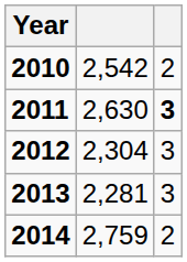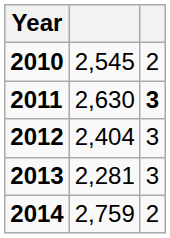 <table class="wikitable sortable" style="font-size: %">
 <tr>
 <th width=px>Year</th>
 <th width=px></th>
 <th width=px></th>
 </tr>
 <tr>
 <td><strong>2010</strong></td>
-<td>2,542</td>
+<td>2,545</td>
 <td align=center>2</td>
 </tr>
 <tr>
 <td><strong>2011</strong></td>
 <td>2,630</td>
 <td align=center><strong>3</strong></td>
 </tr>
 <tr>
 <td><strong>2012</strong></td>
-<td>2,304</td>
+<td>2,404</td>
 <td align=center>3</td>
 </tr>
 <tr>
 <td><strong>2013</strong></td>
 <td>2,281</td>
 <td align=center>3</td>
 </tr>
 <tr>
 <td><strong>2014</strong></td>
 <td>2,759</td>
 <td align=center>2</td>
 </tr>
 </table>
